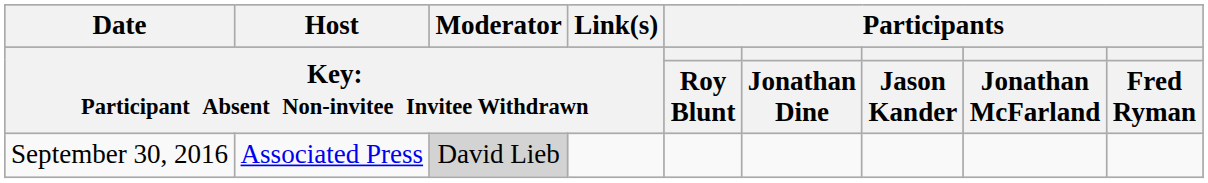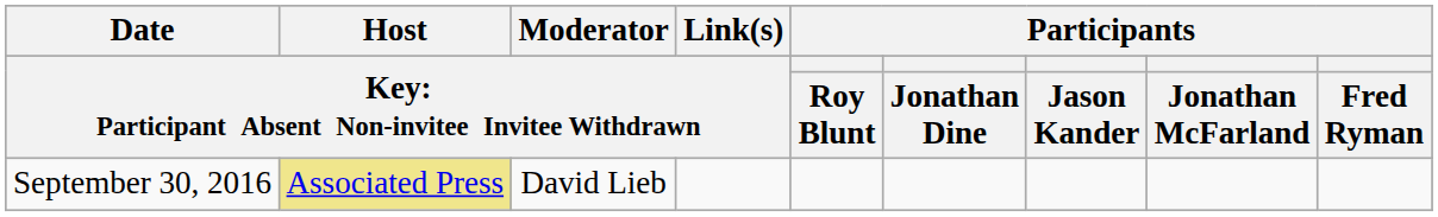 <table class="wikitable" style="text-align:center;">
 <tr>
 <th scope="col">Date</th>
 <th scope="col">Host</th>
 <th scope="col">Moderator</th>
 <th scope="col">Link(s)</th>
 <th colspan="5" scope="col">Participants</th>
 </tr>
 <tr>
 <th colspan="4" rowspan="2">Key:<br> <small>Participant </small>  <small>Absent </small>  <small>Non-invitee </small>  <small>Invitee  Withdrawn</small></th>
 <th scope="col" style="background:"></th>
 <th scope="col" style="background:"></th>
 <th scope="col" style="background:"></th>
 <th scope="col" style="background:"></th>
 <th scope="col" style="background:"></th>
 </tr>
 <tr>
 <th scope="col">Roy<br>Blunt</th>
 <th scope="col">Jonathan<br>Dine</th>
 <th scope="col">Jason<br>Kander</th>
 <th scope="col">Jonathan<br>McFarland</th>
 <th scope="col">Fred<br>Ryman</th>
 </tr>
 <tr>
 <td style="white-space:nowrap;">September 30, 2016</td>
-<td style="white-space:nowrap;"><a href='#'>Associated Press</a></td>
-<td style="background: lightgrey; white-space:nowrap;">David Lieb</td>
+<td style="background: khaki; white-space:nowrap;"><a href='#'>Associated Press</a></td>
+<td style="white-space:nowrap;">David Lieb</td>
 <td style="white-space:nowrap;"></td>
 <td></td>
 <td></td>
 <td></td>
 <td></td>
 <td></td>
 </tr>
 </table>
